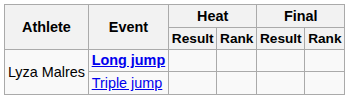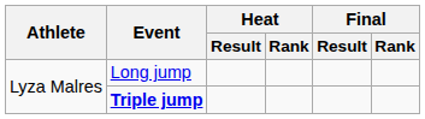 <table class="wikitable" style="font-size:90%">
 <tr>
 <th rowspan="2">Athlete</th>
 <th rowspan="2">Event</th>
 <th colspan="2">Heat</th>
 <th colspan="2">Final</th>
 </tr>
 <tr style="font-size:95%">
 <th>Result</th>
 <th>Rank</th>
 <th>Result</th>
 <th>Rank</th>
 </tr>
 <tr style=text-align:center>
 <td style=text-align:left rowspan=2>Lyza Malres</td>
-<td style=text-align:left><strong><a href='#'>Long jump</a></strong></td>
+<td style=text-align:left><a href='#'>Long jump</a></td>
 <td></td>
 <td></td>
 <td></td>
 <td></td>
 </tr>
 <tr style=text-align:center>
-<td style=text-align:left><a href='#'>Triple jump</a></td>
+<td style=text-align:left><strong><a href='#'>Triple jump</a></strong></td>
 <td></td>
 <td></td>
 <td></td>
 <td></td>
 </tr>
 </table>
